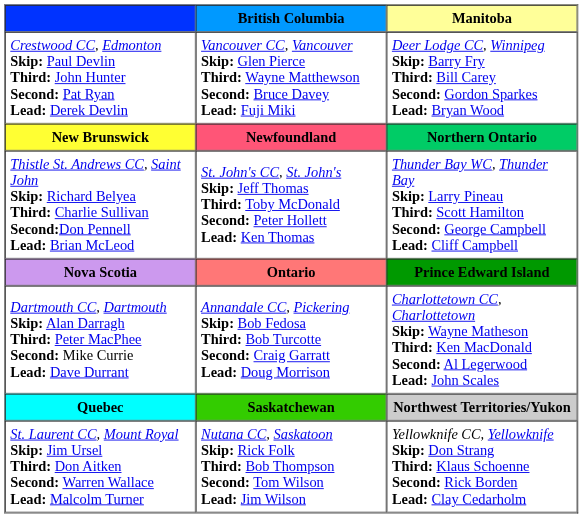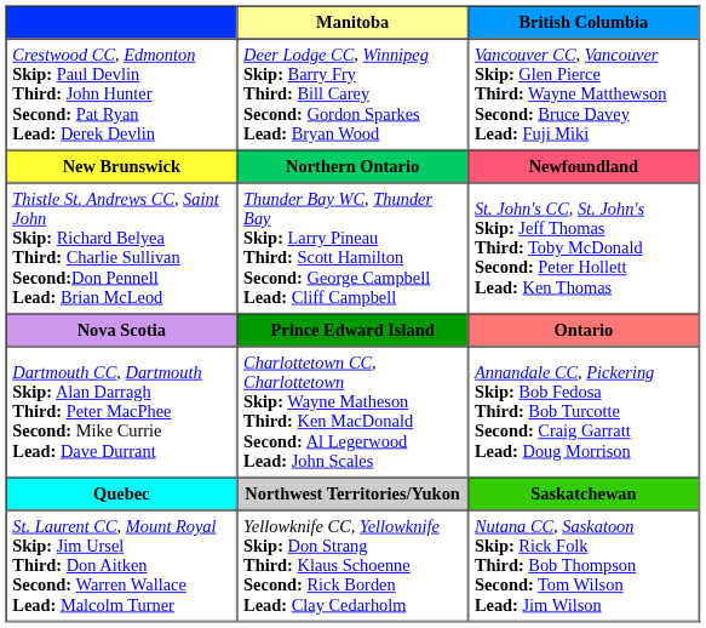 <table border=1 cellpadding=5 cellspacing=0>
 <tr>
 <th style="background:#03f; width:200px;"></th>
+<th style="background:#ff9; width:200px;">Manitoba</th>
 <th style="background:#09f; width:200px;">British Columbia</th>
-<th style="background:#ff9; width:200px;">Manitoba</th>
 </tr>
 <tr>
 <td><em><a href='#'>Crestwood CC</a>, <a href='#'>Edmonton</a></em><br><strong>Skip:</strong> <a href='#'>Paul Devlin</a><br> <strong>Third:</strong> <a href='#'>John Hunter</a><br> <strong>Second:</strong> <a href='#'>Pat Ryan</a><br> <strong>Lead:</strong> <a href='#'>Derek Devlin</a></td>
+<td><em><a href='#'>Deer Lodge CC</a>, <a href='#'>Winnipeg</a></em><br><strong>Skip:</strong> <a href='#'>Barry Fry</a><br> <strong>Third:</strong> <a href='#'>Bill Carey</a><br> <strong>Second:</strong> <a href='#'>Gordon Sparkes</a><br> <strong>Lead:</strong> <a href='#'>Bryan Wood</a></td>
 <td><em><a href='#'>Vancouver CC</a>, <a href='#'>Vancouver</a></em><br><strong>Skip:</strong> <a href='#'>Glen Pierce</a><br> <strong>Third:</strong> <a href='#'>Wayne Matthewson</a><br> <strong>Second:</strong> <a href='#'>Bruce Davey</a><br> <strong>Lead:</strong> <a href='#'>Fuji Miki</a></td>
-<td><em><a href='#'>Deer Lodge CC</a>, <a href='#'>Winnipeg</a></em><br><strong>Skip:</strong> <a href='#'>Barry Fry</a><br> <strong>Third:</strong> <a href='#'>Bill Carey</a><br> <strong>Second:</strong> <a href='#'>Gordon Sparkes</a><br> <strong>Lead:</strong> <a href='#'>Bryan Wood</a></td>
 </tr>
 <tr>
 <th style="background:#ff3; width:200px;">New Brunswick</th>
+<th style="background:#0c6; width:200px;">Northern Ontario</th>
 <th style="background:#f57; width:200px;">Newfoundland</th>
-<th style="background:#0c6; width:200px;">Northern Ontario</th>
 </tr>
 <tr>
 <td><em><a href='#'>Thistle St. Andrews CC</a>, <a href='#'>Saint John</a></em><br><strong>Skip:</strong> <a href='#'>Richard Belyea</a><br> <strong>Third:</strong> <a href='#'>Charlie Sullivan</a><br> <strong>Second:</strong><a href='#'>Don Pennell</a><br> <strong>Lead:</strong> <a href='#'>Brian McLeod</a></td>
+<td><em><a href='#'>Thunder Bay WC</a>, <a href='#'>Thunder Bay</a></em><br><strong>Skip:</strong> <a href='#'>Larry Pineau</a><br> <strong>Third:</strong> <a href='#'>Scott Hamilton</a><br> <strong>Second:</strong> <a href='#'>George Campbell</a><br> <strong>Lead:</strong> <a href='#'>Cliff Campbell</a></td>
 <td><em><a href='#'>St. John's CC</a>, <a href='#'>St. John's</a></em><br><strong>Skip:</strong> <a href='#'>Jeff Thomas</a><br> <strong>Third:</strong> <a href='#'>Toby McDonald</a><br> <strong>Second:</strong> <a href='#'>Peter Hollett</a><br> <strong>Lead:</strong> <a href='#'>Ken Thomas</a></td>
-<td><em><a href='#'>Thunder Bay WC</a>, <a href='#'>Thunder Bay</a></em><br><strong>Skip:</strong> <a href='#'>Larry Pineau</a><br> <strong>Third:</strong> <a href='#'>Scott Hamilton</a><br> <strong>Second:</strong> <a href='#'>George Campbell</a><br> <strong>Lead:</strong> <a href='#'>Cliff Campbell</a></td>
 </tr>
 <tr>
 <th style="background:#c9e; width:200px;">Nova Scotia</th>
+<th style="background:#090; width:200px;">Prince Edward Island</th>
 <th style="background:#f77; width:200px;">Ontario</th>
-<th style="background:#090; width:200px;">Prince Edward Island</th>
 </tr>
 <tr>
 <td><em><a href='#'>Dartmouth CC</a>, <a href='#'>Dartmouth</a></em><br><strong>Skip:</strong> <a href='#'>Alan Darragh</a><br> <strong>Third:</strong> <a href='#'>Peter MacPhee</a><br> <strong>Second:</strong> Mike Currie<br> <strong>Lead:</strong> <a href='#'>Dave Durrant</a></td>
+<td><em><a href='#'>Charlottetown CC</a>, <a href='#'>Charlottetown</a></em><br><strong>Skip:</strong> <a href='#'>Wayne Matheson</a><br> <strong>Third:</strong> <a href='#'>Ken MacDonald</a><br> <strong>Second:</strong> <a href='#'>Al Legerwood</a><br> <strong>Lead:</strong> <a href='#'>John Scales</a></td>
 <td><em><a href='#'>Annandale CC</a>, <a href='#'>Pickering</a></em><br><strong>Skip:</strong> <a href='#'>Bob Fedosa</a><br> <strong>Third:</strong> <a href='#'>Bob Turcotte</a><br> <strong>Second:</strong> <a href='#'>Craig Garratt</a><br> <strong>Lead:</strong> <a href='#'>Doug Morrison</a></td>
-<td><em><a href='#'>Charlottetown CC</a>, <a href='#'>Charlottetown</a></em><br><strong>Skip:</strong> <a href='#'>Wayne Matheson</a><br> <strong>Third:</strong> <a href='#'>Ken MacDonald</a><br> <strong>Second:</strong> <a href='#'>Al Legerwood</a><br> <strong>Lead:</strong> <a href='#'>John Scales</a></td>
 </tr>
 <tr>
 <th style="background:#0ff; width:200px;">Quebec</th>
+<th style="background:#ccc; width:200px;">Northwest Territories/Yukon</th>
 <th style="background:#3c0; width:200px;">Saskatchewan</th>
-<th style="background:#ccc; width:200px;">Northwest Territories/Yukon</th>
 </tr>
 <tr>
 <td><em><a href='#'>St. Laurent CC</a>, <a href='#'>Mount Royal</a></em><br><strong>Skip:</strong> <a href='#'>Jim Ursel</a><br> <strong>Third:</strong> <a href='#'>Don Aitken</a><br> <strong>Second:</strong> <a href='#'>Warren Wallace</a><br> <strong>Lead:</strong> <a href='#'>Malcolm Turner</a></td>
+<td><em>Yellowknife CC, <a href='#'>Yellowknife</a></em><br><strong>Skip:</strong> <a href='#'>Don Strang</a><br> <strong>Third:</strong> <a href='#'>Klaus Schoenne</a><br> <strong>Second:</strong> <a href='#'>Rick Borden</a><br> <strong>Lead:</strong> <a href='#'>Clay Cedarholm</a></td>
 <td><em><a href='#'>Nutana CC</a>, <a href='#'>Saskatoon</a></em><br><strong>Skip:</strong> <a href='#'>Rick Folk</a><br> <strong>Third:</strong> <a href='#'>Bob Thompson</a><br> <strong>Second:</strong> <a href='#'>Tom Wilson</a><br> <strong>Lead:</strong> <a href='#'>Jim Wilson</a></td>
-<td><em>Yellowknife CC, <a href='#'>Yellowknife</a></em><br><strong>Skip:</strong> <a href='#'>Don Strang</a><br> <strong>Third:</strong> <a href='#'>Klaus Schoenne</a><br> <strong>Second:</strong> <a href='#'>Rick Borden</a><br> <strong>Lead:</strong> <a href='#'>Clay Cedarholm</a></td>
 </tr>
 </table>
